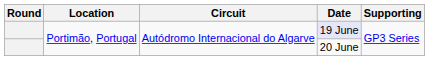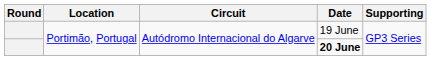 <table class="wikitable" style="font-size: 85%;">
 <tr>
 <th>Round</th>
 <th>Location</th>
 <th>Circuit</th>
 <th>Date</th>
 <th>Supporting</th>
 </tr>
 <tr>
 <th></th>
 <td rowspan=2> <a href='#'>Portimão</a>, <a href='#'>Portugal</a></td>
 <td rowspan=2><a href='#'>Autódromo Internacional do Algarve</a></td>
-<td style="background: lavender;">19 June</td>
+<td>19 June</td>
 <td rowspan=2><a href='#'>GP3 Series</a></td>
 </tr>
 <tr>
 <th></th>
-<td>20 June</td>
+<td><strong>20 June</strong></td>
 </tr>
 </table>
